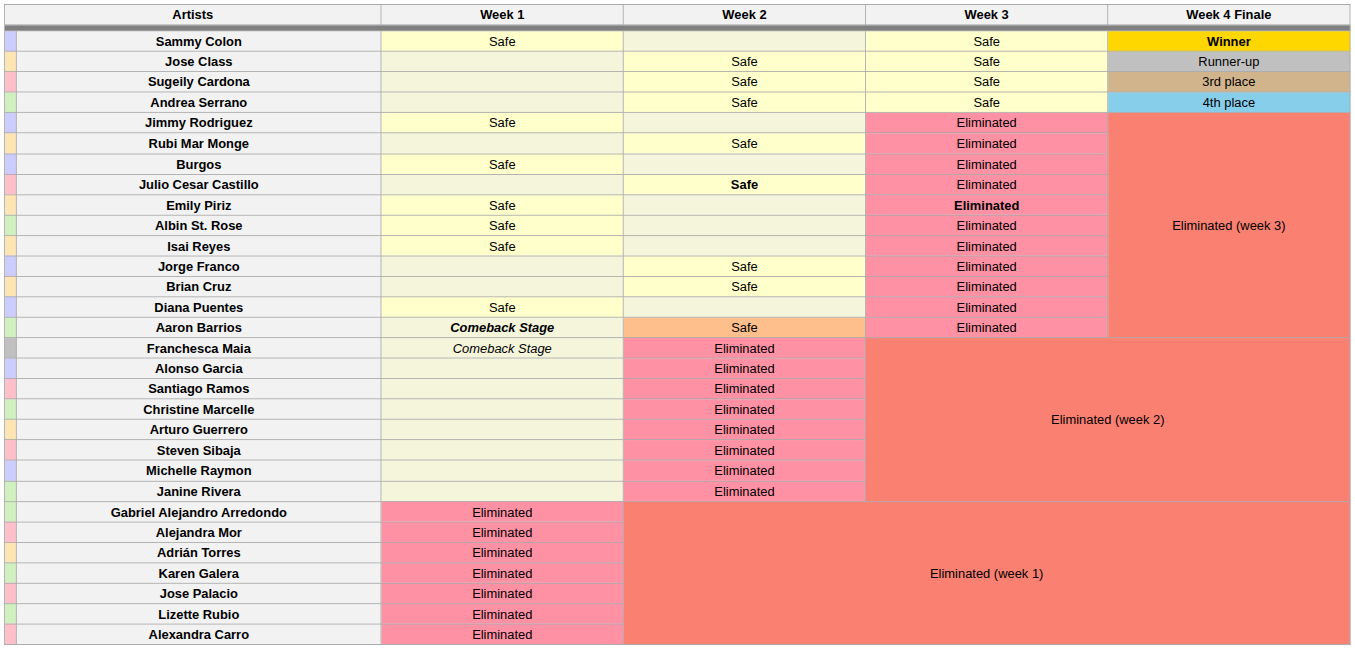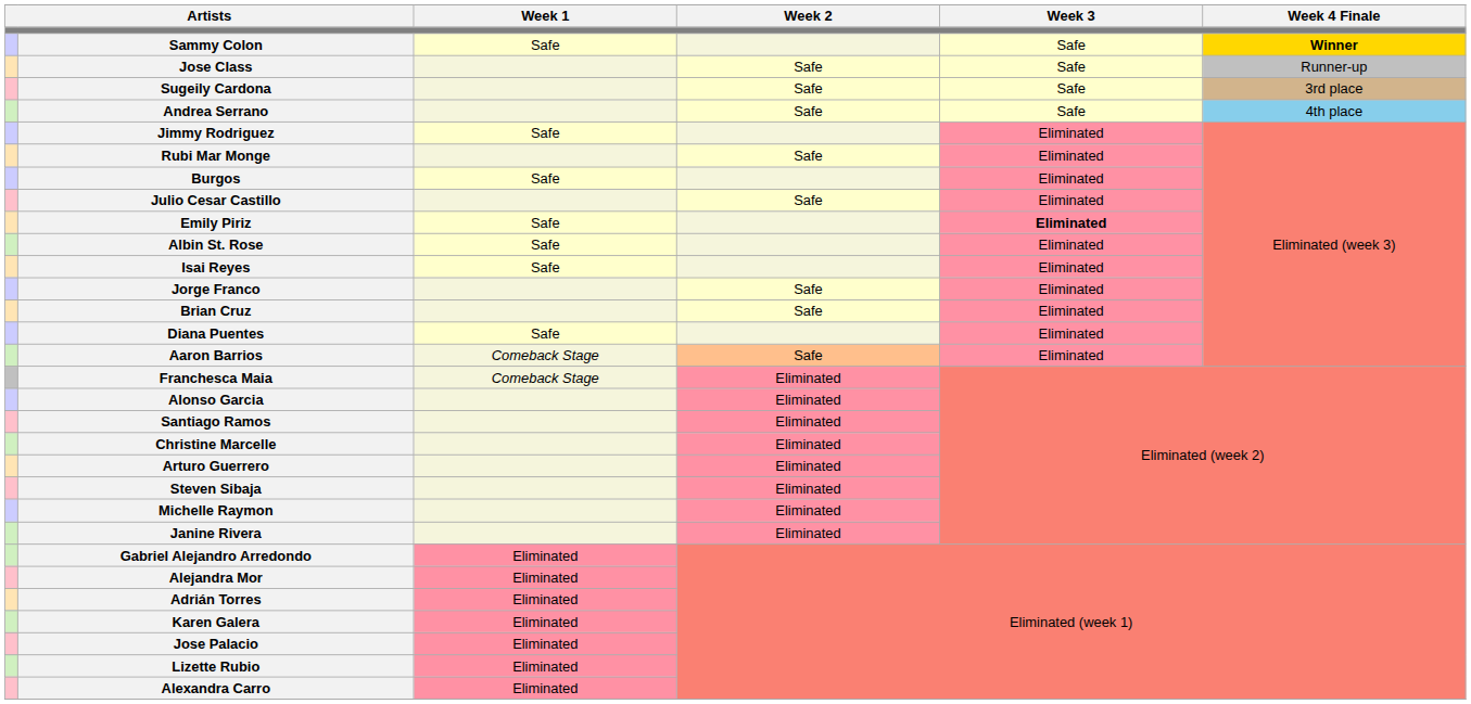 <table class="wikitable"  style="text-align:center; font-size:95%; width:100%;">
 <tr>
 </tr>
 <tr>
 <th colspan="2">Artists</th>
 <th style="width:18%;">Week 1</th>
 <th style="width:18%;">Week 2</th>
 <th style="width:18%;">Week 3</th>
 <th style="width:18%;">Week 4 Finale</th>
 </tr>
 <tr>
 <th colspan="13" style="background:gray;"></th>
 </tr>
 <tr>
 <th style="background:#ccf;"></th>
 <th>Sammy Colon</th>
 <td style="background:#FFFFCC;">Safe</td>
 <td style="background:#F5F5DC;"></td>
 <td style="background:#FFFFCC;">Safe</td>
 <td style="background:gold;"><strong>Winner</strong></td>
 </tr>
 <tr>
 <th style="background:#ffe5b4;"></th>
 <th>Jose Class</th>
 <td style="background:#F5F5DC;"></td>
 <td style="background:#FFFFCC;">Safe</td>
 <td style="background:#FFFFCC;">Safe</td>
 <td style="background:silver;">Runner-up</td>
 </tr>
 <tr>
 <th style="background:pink;"></th>
 <th>Sugeily Cardona</th>
 <td style="background:#F5F5DC;"></td>
 <td style="background:#FFFFCC;">Safe</td>
 <td style="background:#FFFFCC;">Safe</td>
 <td style="background:tan;">3rd place</td>
 </tr>
 <tr>
 <th style="background:#d0f0c0;"></th>
 <th>Andrea Serrano</th>
 <td style="background:#F5F5DC;"></td>
 <td style="background:#FFFFCC;">Safe</td>
 <td style="background:#FFFFCC;">Safe</td>
 <td style="background:skyblue;">4th place</td>
 </tr>
 <tr>
 <th style="background:#ccf;"></th>
 <th>Jimmy Rodriguez</th>
 <td style="background:#FFFFCC;">Safe</td>
 <td style="background:#F5F5DC;"></td>
 <td style="background:#FF91A4;">Eliminated</td>
 <td rowspan="11" style="background:salmon;">Eliminated (week 3)</td>
 </tr>
 <tr>
 <th style="background:#ffe5b4;"></th>
 <th>Rubi Mar Monge</th>
 <td style="background:#F5F5DC;"></td>
 <td style="background:#FFFFCC;">Safe</td>
 <td style="background:#FF91A4;">Eliminated</td>
 </tr>
 <tr>
 <th style="background:#ccf;"></th>
 <th> Burgos</th>
 <td style="background:#FFFFCC;">Safe</td>
 <td style="background:#F5F5DC;"></td>
 <td style="background:#FF91A4;">Eliminated</td>
 </tr>
 <tr>
 <th style="background:pink;"></th>
 <th>Julio Cesar Castillo</th>
 <td style="background:#F5F5DC;"></td>
-<td style="background:#FFFFCC;"><strong>Safe</strong></td>
+<td style="background:#FFFFCC;">Safe</td>
 <td style="background:#FF91A4;">Eliminated</td>
 </tr>
 <tr>
 <th style="background:#ffe5b4;"></th>
 <th>Emily Piriz</th>
 <td style="background:#FFFFCC;">Safe</td>
 <td style="background:#F5F5DC;"></td>
 <td style="background:#FF91A4;"><strong>Eliminated</strong></td>
 </tr>
 <tr>
 <th style="background:#d0f0c0;"></th>
 <th>Albin St. Rose</th>
 <td style="background:#FFFFCC;">Safe</td>
 <td style="background:#F5F5DC;"></td>
 <td style="background:#FF91A4;">Eliminated</td>
 </tr>
 <tr>
 <th style="background:#ffe5b4;"></th>
 <th>Isai Reyes</th>
 <td style="background:#FFFFCC;">Safe</td>
 <td style="background:#F5F5DC;"></td>
 <td style="background:#FF91A4;">Eliminated</td>
 </tr>
 <tr>
 <th style="background:#ccf;"></th>
 <th>Jorge Franco</th>
 <td style="background:#F5F5DC;"></td>
 <td style="background:#FFFFCC;">Safe</td>
 <td style="background:#FF91A4;">Eliminated</td>
 </tr>
 <tr>
 <th style="background:#ffe5b4;"></th>
 <th>Brian Cruz</th>
 <td style="background:#F5F5DC;"></td>
 <td style="background:#FFFFCC;">Safe</td>
 <td style="background:#FF91A4;">Eliminated</td>
 </tr>
 <tr>
 <th style="background:#ccf;"></th>
 <th>Diana Puentes</th>
 <td style="background:#FFFFCC;">Safe</td>
 <td style="background:#F5F5DC;"></td>
 <td style="background:#FF91A4;">Eliminated</td>
 </tr>
 <tr>
 <th style="background:#d0f0c0;"></th>
 <th>Aaron Barrios</th>
-<td style="background:#F5F5DC;"><strong><em>Comeback Stage</em></strong></td>
+<td style="background:#F5F5DC;"><em>Comeback Stage</em></td>
 <td style="background:#FFBF8C;">Safe</td>
 <td style="background:#FF91A4;">Eliminated</td>
 </tr>
 <tr>
 <th style="background:silver;"></th>
 <th>Franchesca Maia</th>
 <td style="background:#F5F5DC;"><em>Comeback Stage</em></td>
 <td style="background:#FF91A4;">Eliminated</td>
 <td colspan="3" rowspan="8" style="background:salmon;">Eliminated (week 2)</td>
 </tr>
 <tr>
 <th style="background:#ccf;"></th>
 <th>Alonso Garcia</th>
 <td style="background:#F5F5DC;"></td>
 <td style="background:#FF91A4;">Eliminated</td>
 </tr>
 <tr>
 <th style="background:pink;"></th>
 <th>Santiago Ramos</th>
 <td style="background:#F5F5DC;"></td>
 <td style="background:#FF91A4;">Eliminated</td>
 </tr>
 <tr>
 <th style="background:#d0f0c0;"></th>
 <th>Christine Marcelle</th>
 <td style="background:#F5F5DC;"></td>
 <td style="background:#FF91A4;">Eliminated</td>
 </tr>
 <tr>
 <th style="background:#ffe5b4;"></th>
 <th>Arturo Guerrero</th>
 <td style="background:#F5F5DC;"></td>
 <td style="background:#FF91A4;">Eliminated</td>
 </tr>
 <tr>
 <th style="background:pink;"></th>
 <th>Steven Sibaja</th>
 <td style="background:#F5F5DC;"></td>
 <td style="background:#FF91A4;">Eliminated</td>
 </tr>
 <tr>
 <th style="background:#ccf;"></th>
 <th>Michelle Raymon</th>
 <td style="background:#F5F5DC;"></td>
 <td style="background:#FF91A4;">Eliminated</td>
 </tr>
 <tr>
 <th style="background:#d0f0c0;"></th>
 <th>Janine Rivera</th>
 <td style="background:#F5F5DC;"></td>
 <td style="background:#FF91A4;">Eliminated</td>
 </tr>
 <tr>
 <th style="background:#d0f0c0;"></th>
 <th>Gabriel Alejandro Arredondo</th>
 <td style="background:#FF91A4;">Eliminated</td>
 <td colspan="3" rowspan="7" style="background:salmon;">Eliminated (week 1)</td>
 </tr>
 <tr>
 <th style="background:pink;"></th>
 <th>Alejandra Mor</th>
 <td style="background:#FF91A4;">Eliminated</td>
 </tr>
 <tr>
 <th style="background:#ffe5b4;"></th>
 <th>Adrián Torres</th>
 <td style="background:#FF91A4;">Eliminated</td>
 </tr>
 <tr>
 <th style="background:#d0f0c0;"></th>
 <th>Karen Galera</th>
 <td style="background:#FF91A4;">Eliminated</td>
 </tr>
 <tr>
 <th style="background:pink;"></th>
 <th>Jose Palacio</th>
 <td style="background:#FF91A4;">Eliminated</td>
 </tr>
 <tr>
 <th style="background:#d0f0c0;"></th>
 <th>Lizette Rubio</th>
 <td style="background:#FF91A4;">Eliminated</td>
 </tr>
 <tr>
 <th style="background:pink;"></th>
 <th>Alexandra Carro</th>
 <td style="background:#FF91A4;">Eliminated</td>
 </tr>
 <tr>
 </tr>
 </table>
